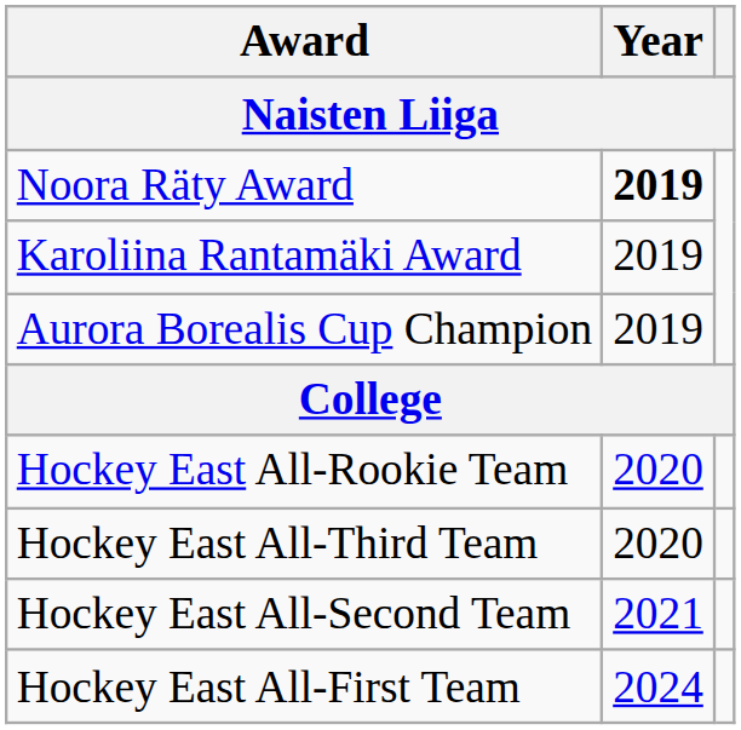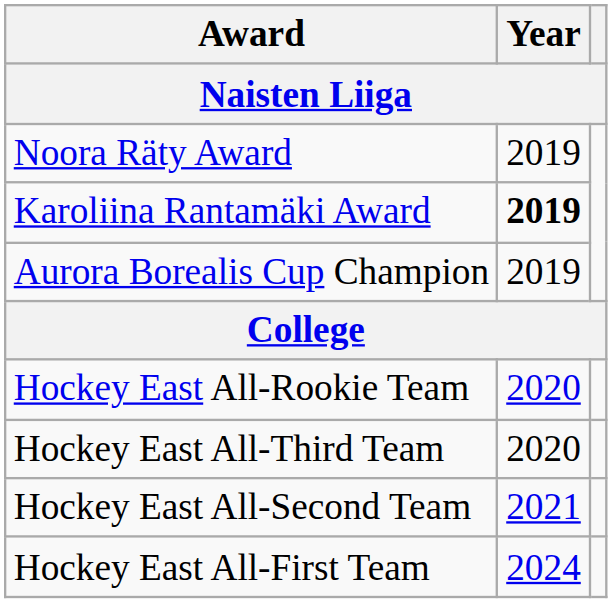 <table class="wikitable">
 <tr>
 <th>Award</th>
 <th>Year</th>
 <th></th>
 </tr>
 <tr>
 <th colspan="3"><a href='#'>Naisten Liiga</a></th>
 </tr>
 <tr>
 <td><a href='#'>Noora Räty Award</a></td>
-<td><strong>2019</strong></td>
+<td>2019</td>
 <td rowspan="3"></td>
 </tr>
 <tr>
 <td><a href='#'>Karoliina Rantamäki Award</a></td>
-<td>2019</td>
+<td><strong>2019</strong></td>
 </tr>
 <tr>
 <td><a href='#'>Aurora Borealis Cup</a> Champion</td>
 <td>2019</td>
 </tr>
 <tr>
 <th colspan="3"><a href='#'>College</a></th>
 </tr>
 <tr>
 <td><a href='#'>Hockey East</a> All-Rookie Team</td>
 <td><a href='#'>2020</a></td>
 <td></td>
 </tr>
 <tr>
 <td>Hockey East All-Third Team</td>
 <td>2020</td>
 <td></td>
 </tr>
 <tr>
 <td>Hockey East All-Second Team</td>
 <td><a href='#'>2021</a></td>
 <td></td>
 </tr>
 <tr>
 <td>Hockey East All-First Team</td>
 <td><a href='#'>2024</a></td>
 <td></td>
 </tr>
 </table>
